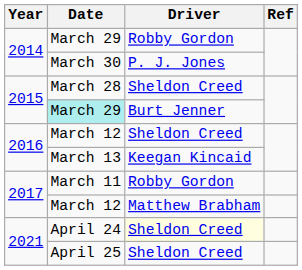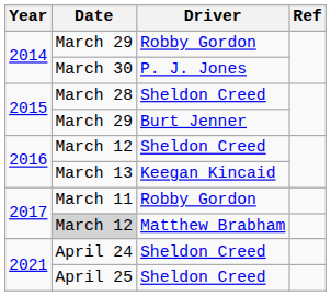 <table class="wikitable" style="font-size: 95%;">
 <tr>
 <th>Year</th>
 <th>Date</th>
 <th>Driver</th>
 <th>Ref</th>
 </tr>
 <tr>
 <td rowspan=2><a href='#'>2014</a></td>
 <td>March 29</td>
 <td> <a href='#'>Robby Gordon</a></td>
 <td rowspan=2></td>
 </tr>
 <tr>
 <td>March 30</td>
 <td> <a href='#'>P. J. Jones</a></td>
 </tr>
 <tr>
 <td rowspan=2><a href='#'>2015</a></td>
 <td>March 28</td>
 <td> <a href='#'>Sheldon Creed</a></td>
 <td rowspan=2></td>
 </tr>
 <tr>
-<td style="background: paleturquoise;">March 29</td>
+<td>March 29</td>
 <td> <a href='#'>Burt Jenner</a></td>
 </tr>
 <tr>
 <td rowspan=2><a href='#'>2016</a></td>
 <td>March 12</td>
 <td> <a href='#'>Sheldon Creed</a></td>
 <td rowspan=2></td>
 </tr>
 <tr>
 <td>March 13</td>
 <td> <a href='#'>Keegan Kincaid</a></td>
 </tr>
 <tr>
 <td rowspan=2><a href='#'>2017</a></td>
 <td>March 11</td>
 <td> <a href='#'>Robby Gordon</a></td>
 <td></td>
 </tr>
 <tr>
-<td>March 12</td>
+<td style="background: lightgrey;">March 12</td>
 <td> <a href='#'>Matthew Brabham</a></td>
 <td></td>
 </tr>
 <tr>
 <td rowspan=2><a href='#'>2021</a></td>
 <td>April 24</td>
-<td style="background: lightyellow;"> <a href='#'>Sheldon Creed</a></td>
+<td> <a href='#'>Sheldon Creed</a></td>
 <td></td>
 </tr>
 <tr>
 <td>April 25</td>
 <td> <a href='#'>Sheldon Creed</a></td>
 <td></td>
 </tr>
 </table>
